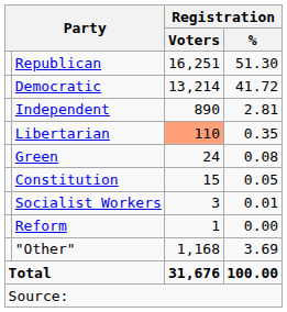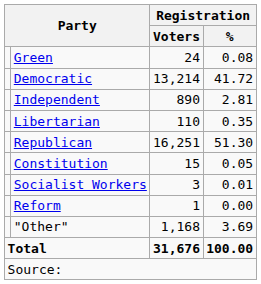 <table class="wikitable">
 <tr>
 <th colspan="2" rowspan="2">Party</th>
 <th colspan="2">Registration</th>
 </tr>
 <tr>
 <th>Voters</th>
 <th>%</th>
 </tr>
 <tr>
 <td style="background-color:"></td>
-<td><a href='#'>Republican</a></td>
-<td style="text-align:right;">16,251</td>
-<td style="text-align:right;">51.30</td>
+<td><a href='#'>Green</a></td>
+<td style="text-align:right;">24</td>
+<td style="text-align:right;">0.08</td>
 </tr>
 <tr>
 <td style="background-color:"></td>
 <td><a href='#'>Democratic</a></td>
 <td style="text-align:right;">13,214</td>
 <td style="text-align:right;">41.72</td>
 </tr>
 <tr>
 <td style="background-color:"></td>
 <td><a href='#'>Independent</a></td>
 <td style="text-align:right;">890</td>
 <td style="text-align:right;">2.81</td>
 </tr>
 <tr>
 <td style="background-color:"></td>
 <td><a href='#'>Libertarian</a></td>
-<td style="background: lightsalmon; text-align:right;">110</td>
+<td style="text-align:right;">110</td>
 <td style="text-align:right;">0.35</td>
 </tr>
 <tr>
 <td style="background-color:"></td>
-<td><a href='#'>Green</a></td>
-<td style="text-align:right;">24</td>
-<td style="text-align:right;">0.08</td>
+<td><a href='#'>Republican</a></td>
+<td style="text-align:right;">16,251</td>
+<td style="text-align:right;">51.30</td>
 </tr>
 <tr>
 <td style="background-color:"></td>
 <td><a href='#'>Constitution</a></td>
 <td style="text-align:right;">15</td>
 <td style="text-align:right;">0.05</td>
 </tr>
 <tr>
 <td style="background-color:"></td>
 <td><a href='#'>Socialist Workers</a></td>
 <td style="text-align:right;">3</td>
 <td style="text-align:right;">0.01</td>
 </tr>
 <tr>
 <td style="background-color:"></td>
 <td><a href='#'>Reform</a></td>
 <td style="text-align:right;">1</td>
 <td style="text-align:right;">0.00</td>
 </tr>
 <tr>
 <td></td>
 <td>"Other"</td>
 <td style="text-align:right;">1,168</td>
 <td style="text-align:right;">3.69</td>
 </tr>
 <tr>
 <td colspan="2"><strong>Total</strong></td>
 <td style="text-align:right;"><strong>31,676</strong></td>
 <td style="text-align:right;"><strong>100.00</strong></td>
 </tr>
 <tr>
 <td colspan="4">Source: <em></em></td>
 </tr>
 </table>
